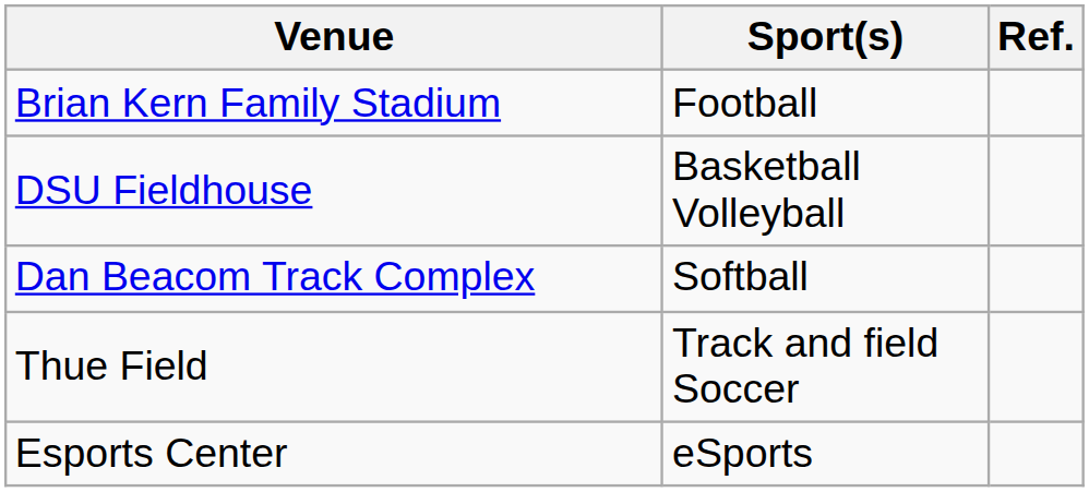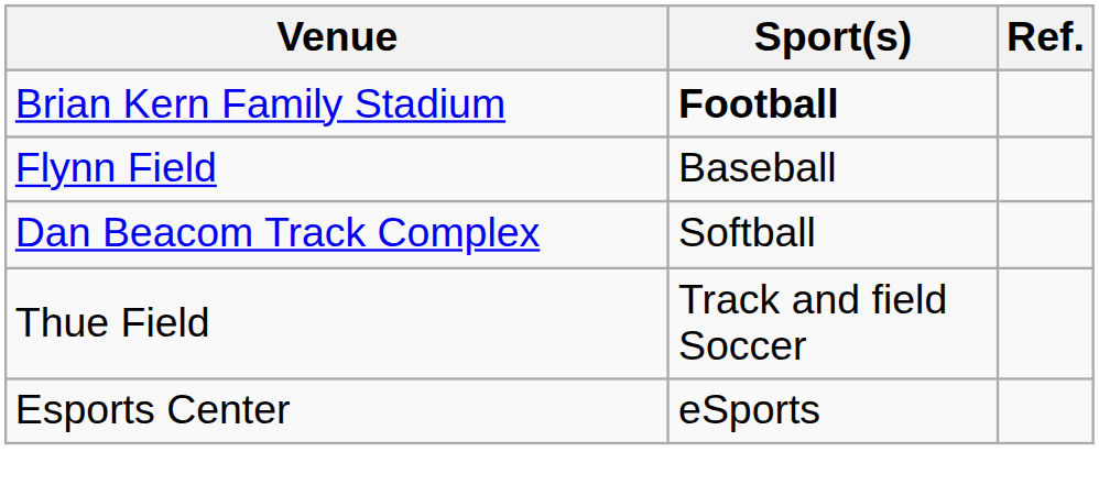 <table class="wikitable">
 <tr>
 <th width=250px>Venue</th>
 <th width=120px>Sport(s)</th>
 <th width=px>Ref.</th>
 </tr>
 <tr>
 <td><a href='#'>Brian Kern Family Stadium</a> </td>
-<td>Football</td>
+<td><strong>Football</strong></td>
 <td></td>
 </tr>
 <tr>
-<td><a href='#'>DSU Fieldhouse</a></td>
-<td>Basketball<br>Volleyball</td>
+<td><a href='#'>Flynn Field</a></td>
+<td>Baseball</td>
 <td></td>
 </tr>
 <tr>
 <td><a href='#'>Dan Beacom Track Complex</a> </td>
 <td>Softball</td>
 <td></td>
 </tr>
 <tr>
 <td>Thue Field</td>
 <td>Track and field <br> Soccer</td>
 <td></td>
 </tr>
 <tr>
 <td>Esports Center </td>
 <td>eSports</td>
 <td></td>
 </tr>
 </table>
